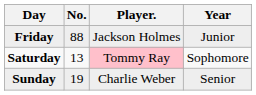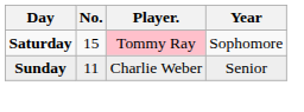 <table class="wikitable non-sortable">
 <tr>
 <th style="text-align:center; ">Day</th>
 <th style="text-align:center; ">No.</th>
 <th style="text-align:center; ">Player.</th>
 <th style="text-align:center; ">Year</th>
 </tr>
-<tr style="background:#eeeeee;text-align:center;">
-<td><strong>Friday</strong></td>
-<td>88</td>
-<td>Jackson Holmes</td>
-<td>Junior</td>
-</tr>
 <tr style="text-align:center;">
 <td><strong>Saturday</strong></td>
-<td>13</td>
+<td>15</td>
 <td style="background: pink;">Tommy Ray</td>
 <td>Sophomore</td>
 </tr>
 <tr style="background:#eeeeee;text-align:center;">
 <td><strong>Sunday</strong></td>
-<td>19</td>
+<td>11</td>
 <td>Charlie Weber</td>
 <td>Senior</td>
 </tr>
 </table>
